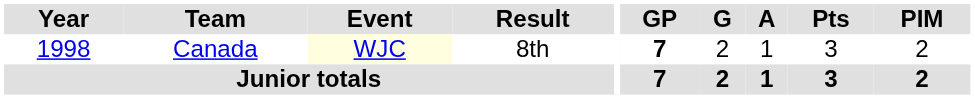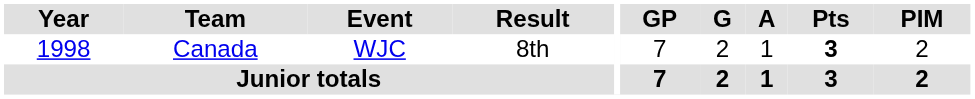 <table border="0" cellpadding="1" cellspacing="0" ID="Table3" style="text-align:center; width:40em">
 <tr ALIGN="centre" bgcolor="#e0e0e0">
 <th>Year</th>
 <th>Team</th>
 <th>Event</th>
 <th>Result</th>
 <th rowspan="99" bgcolor="#ffffff"></th>
 <th>GP</th>
 <th>G</th>
 <th>A</th>
 <th>Pts</th>
 <th>PIM</th>
 </tr>
 <tr>
 <td><a href='#'>1998</a></td>
 <td><a href='#'>Canada</a></td>
-<td style="background: lightyellow;"><a href='#'>WJC</a></td>
+<td><a href='#'>WJC</a></td>
 <td>8th</td>
-<td><strong>7</strong></td>
+<td>7</td>
 <td>2</td>
 <td>1</td>
-<td>3</td>
+<td><strong>3</strong></td>
 <td>2</td>
 </tr>
 <tr bgcolor="#e0e0e0">
 <th colspan=4>Junior totals</th>
 <th>7</th>
 <th>2</th>
 <th>1</th>
 <th>3</th>
 <th>2</th>
 </tr>
 </table>
